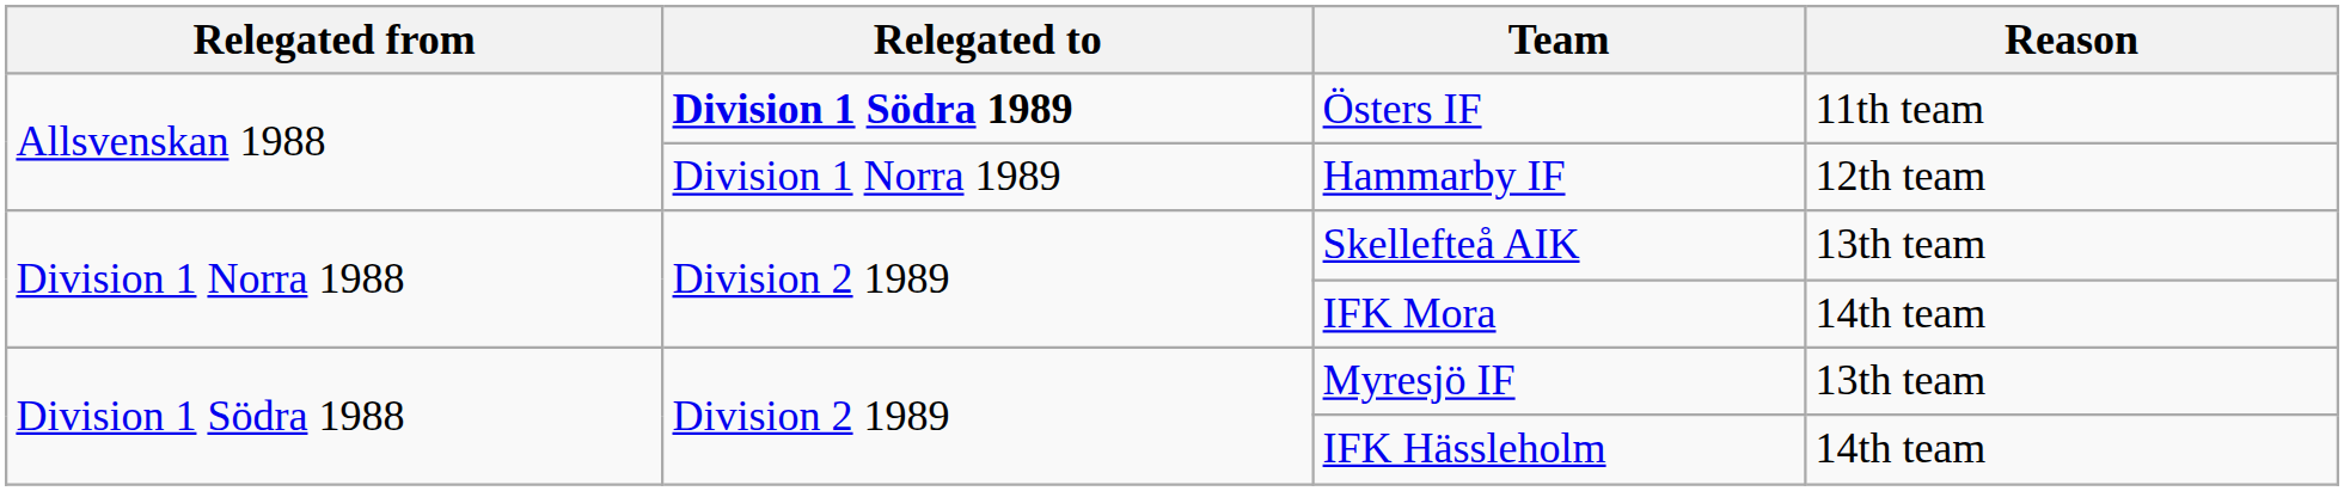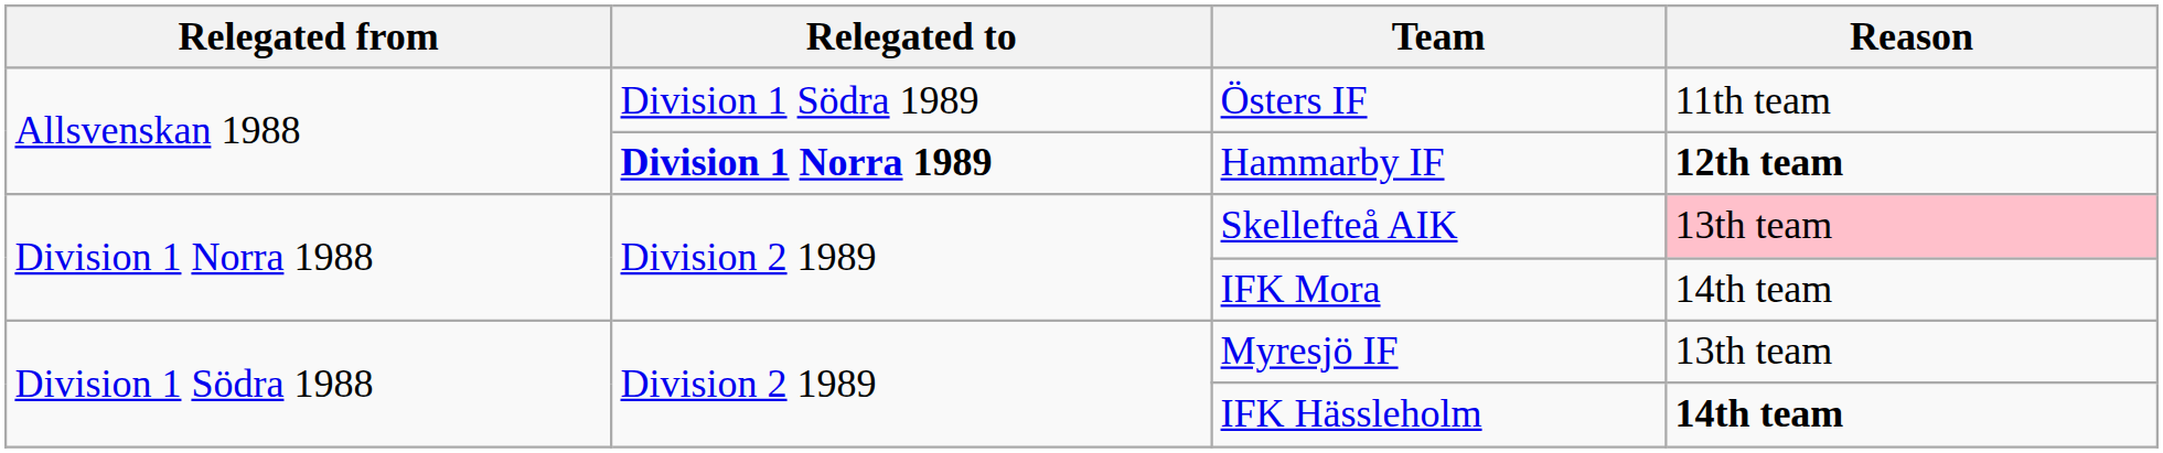 <table class="wikitable" style="text-align: left">
 <tr>
 <th style="width: 275px;">Relegated from</th>
 <th style="width: 275px;">Relegated to</th>
 <th style="width: 200px;">Team</th>
 <th style="width: 225px;">Reason</th>
 </tr>
 <tr>
 <td rowspan=2><a href='#'>Allsvenskan</a> 1988</td>
-<td><strong><a href='#'>Division 1</a> <a href='#'>Södra</a> 1989</strong></td>
+<td><a href='#'>Division 1</a> <a href='#'>Södra</a> 1989</td>
 <td><a href='#'>Östers IF</a></td>
 <td>11th team</td>
 </tr>
 <tr>
-<td><a href='#'>Division 1</a> <a href='#'>Norra</a> 1989</td>
+<td><strong><a href='#'>Division 1</a> <a href='#'>Norra</a> 1989</strong></td>
 <td><a href='#'>Hammarby IF</a></td>
-<td>12th team</td>
+<td><strong>12th team</strong></td>
 </tr>
 <tr>
 <td rowspan=2><a href='#'>Division 1</a> <a href='#'>Norra</a> 1988</td>
 <td rowspan=2><a href='#'>Division 2</a> 1989</td>
 <td><a href='#'>Skellefteå AIK</a></td>
-<td>13th team</td>
+<td style="background: pink;">13th team</td>
 </tr>
 <tr>
 <td><a href='#'>IFK Mora</a></td>
 <td>14th team</td>
 </tr>
 <tr>
 <td rowspan=2><a href='#'>Division 1</a> <a href='#'>Södra</a> 1988</td>
 <td rowspan=2><a href='#'>Division 2</a> 1989</td>
 <td><a href='#'>Myresjö IF</a></td>
 <td>13th team</td>
 </tr>
 <tr>
 <td><a href='#'>IFK Hässleholm</a></td>
-<td>14th team</td>
+<td><strong>14th team</strong></td>
 </tr>
 </table>
